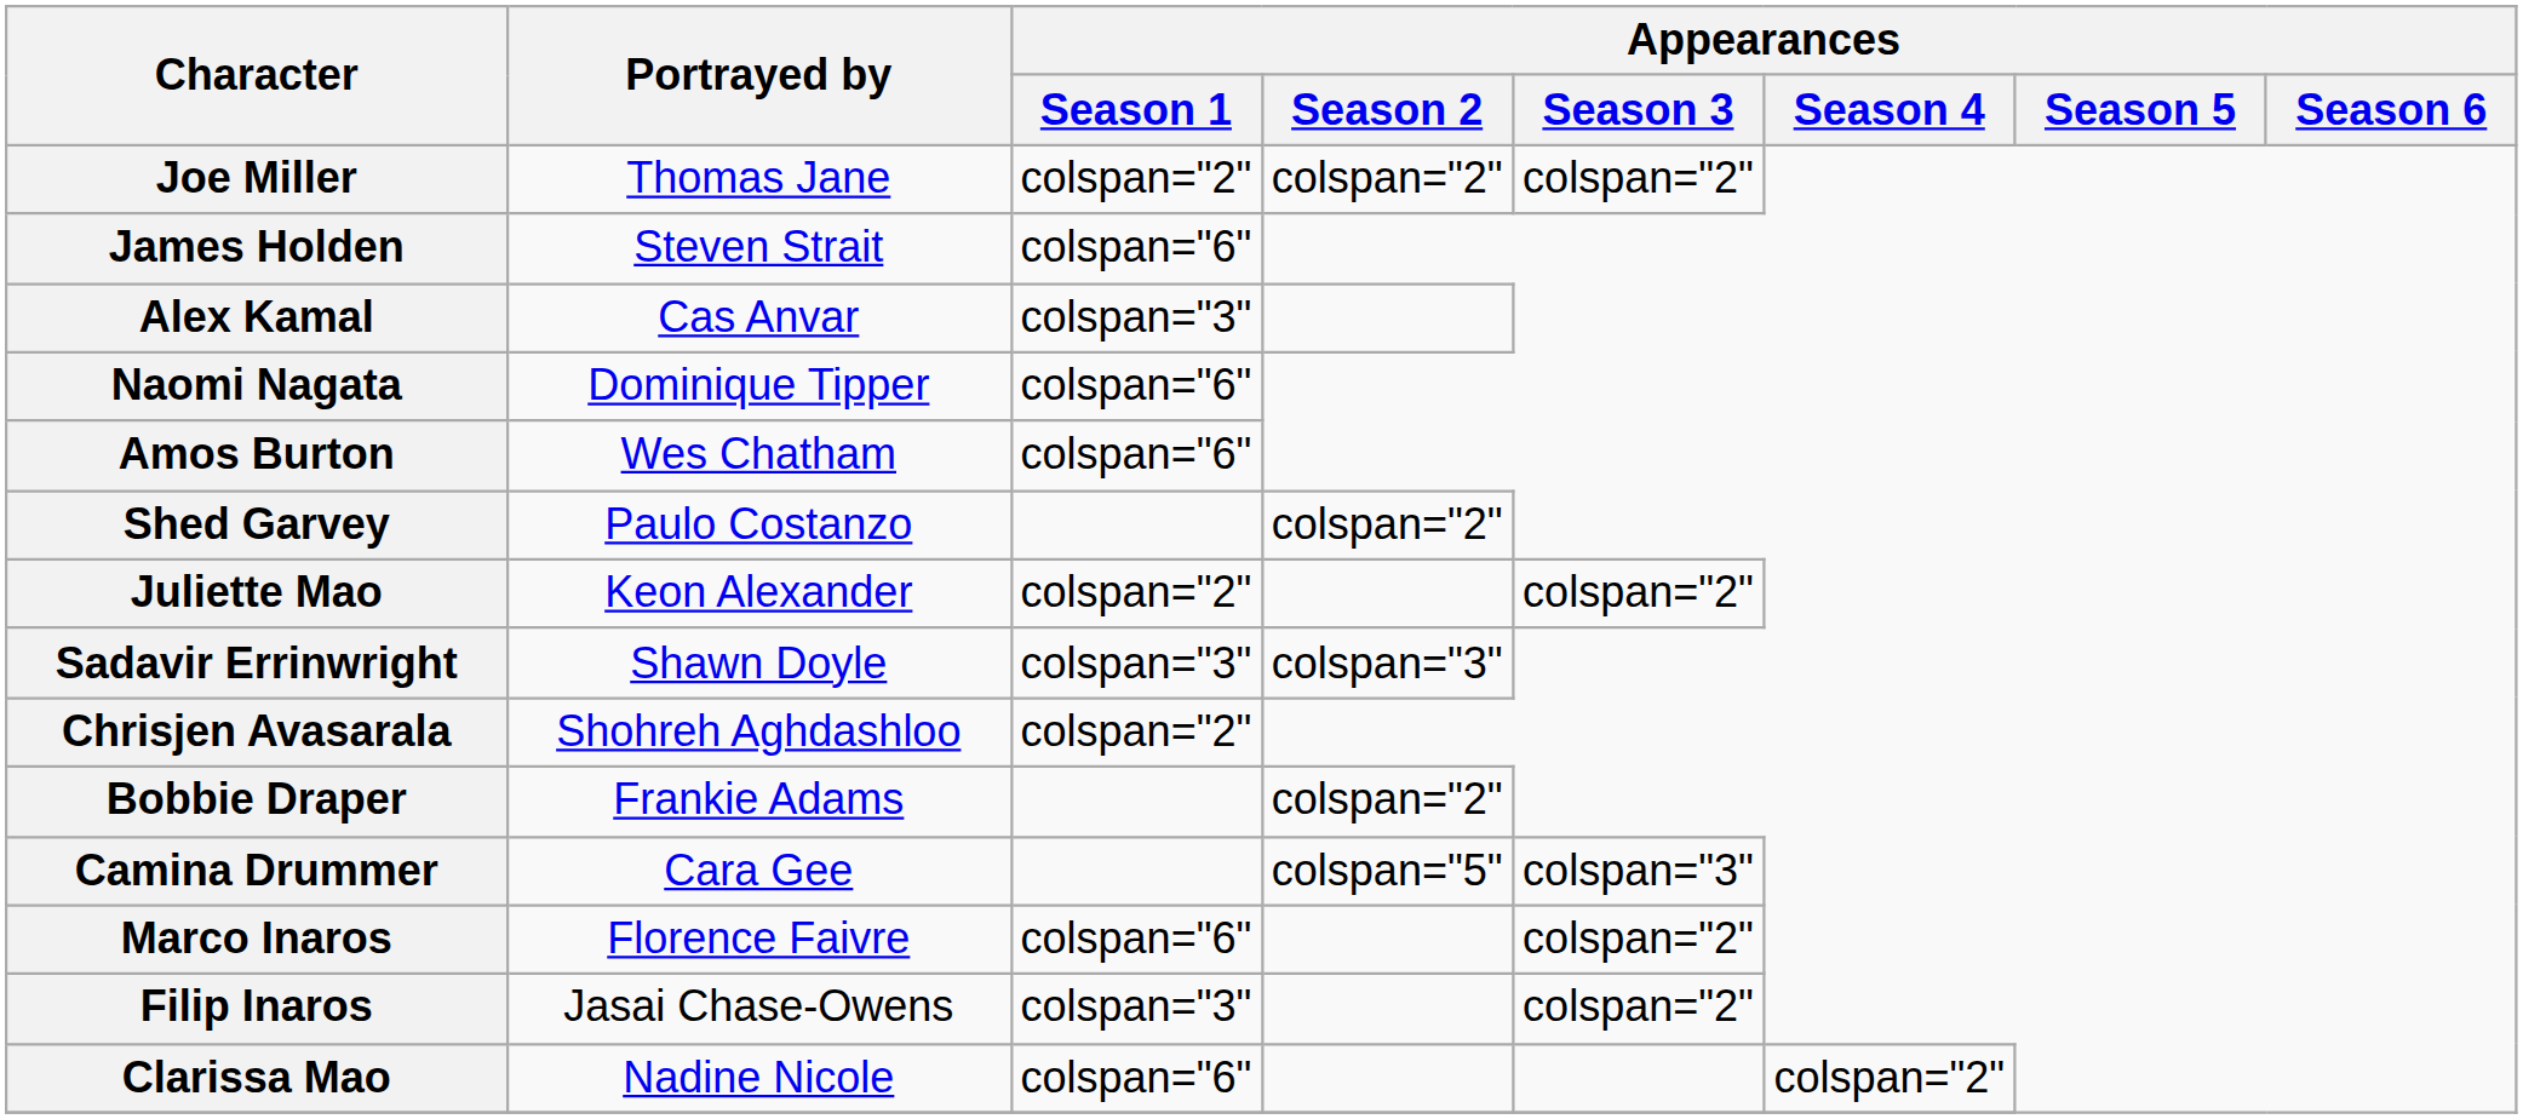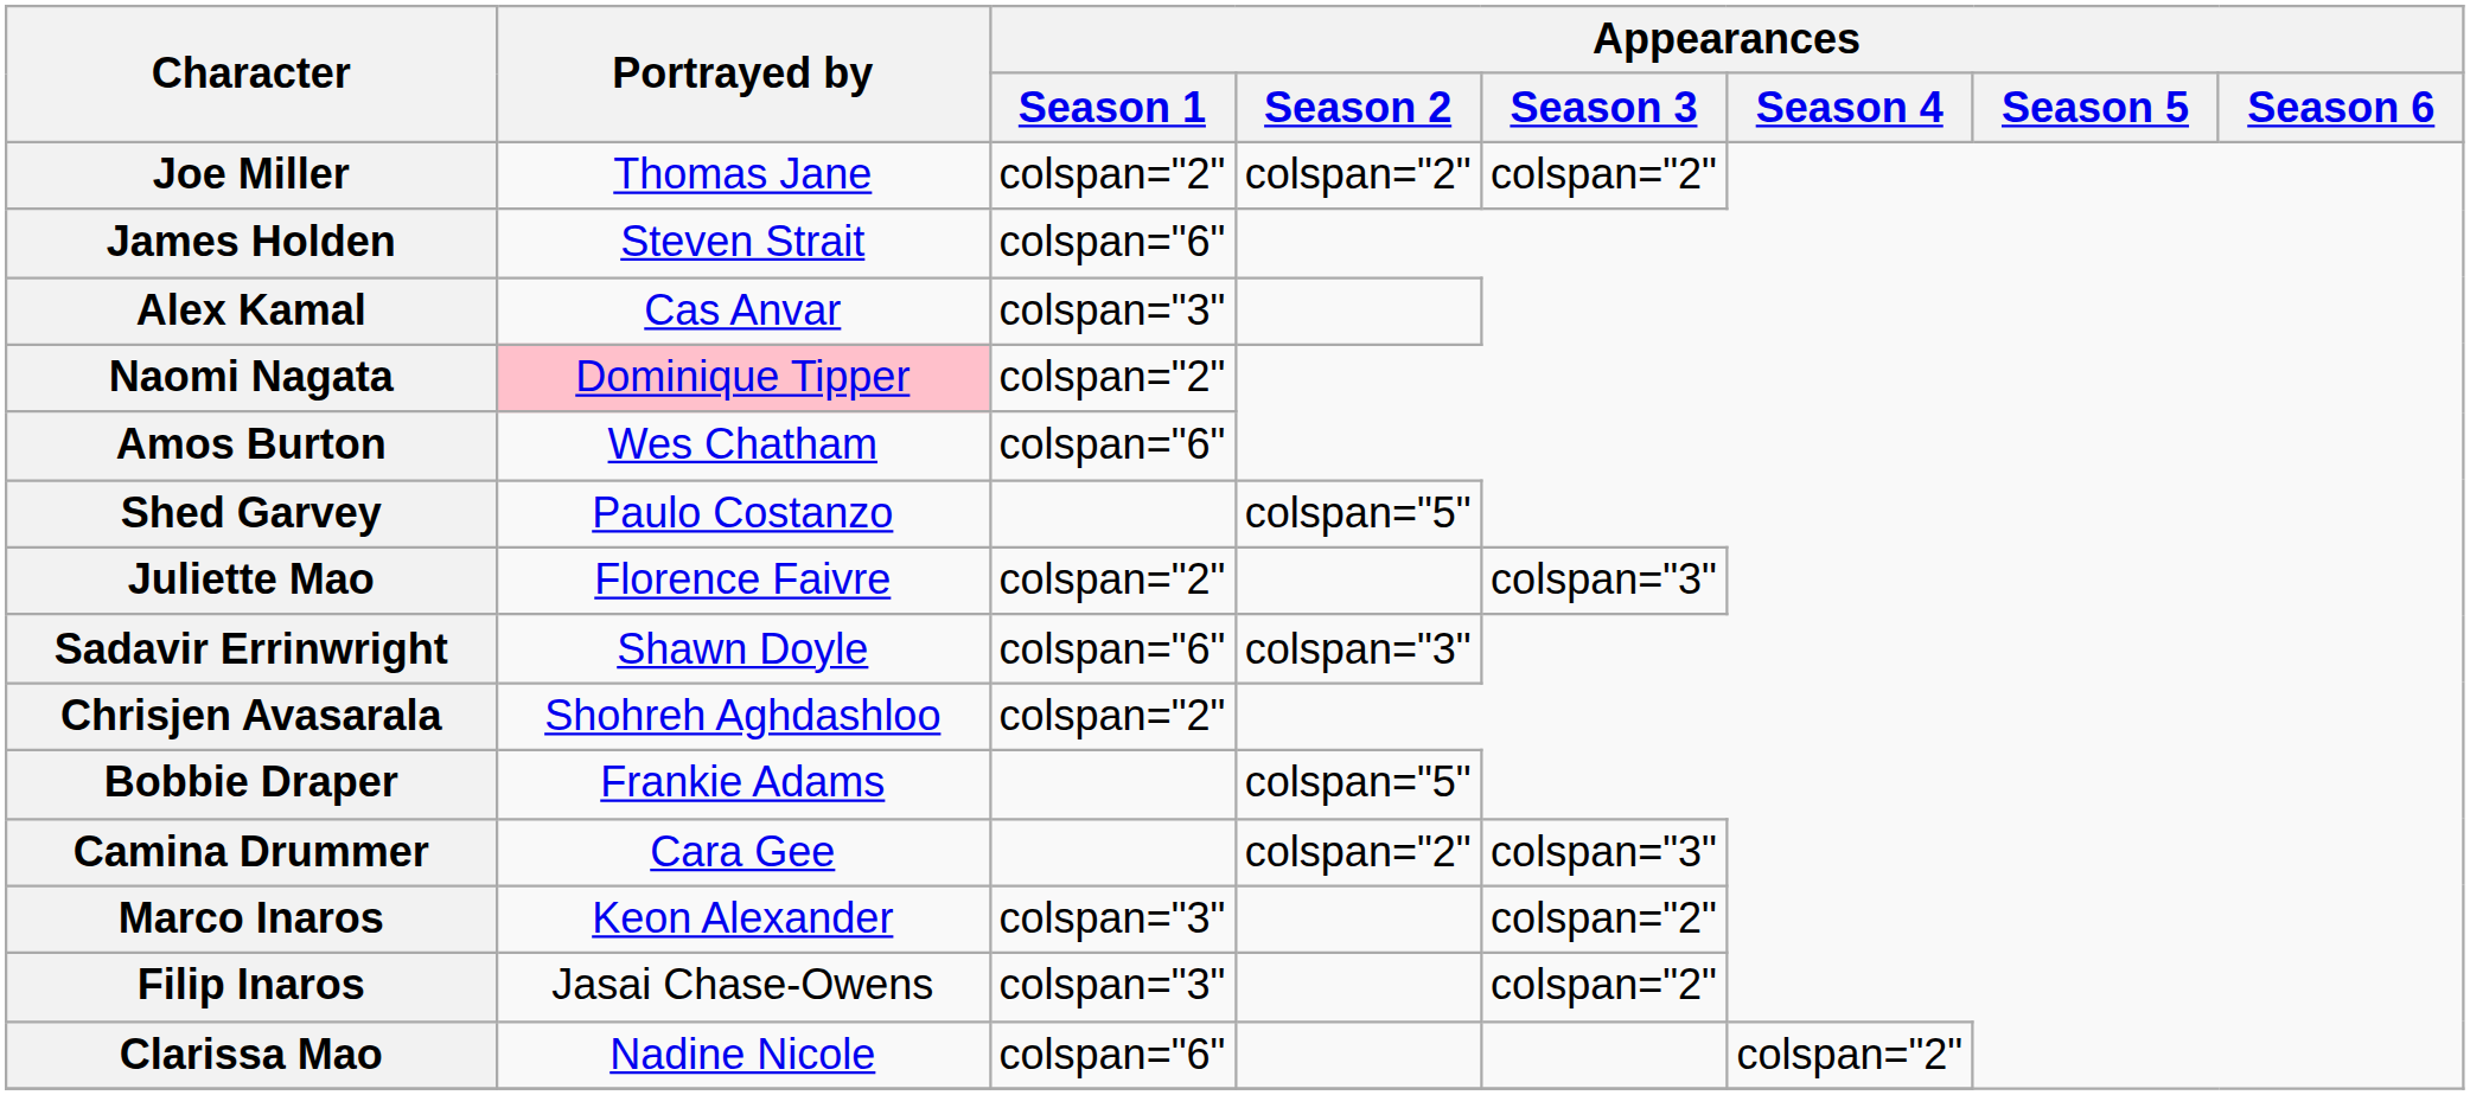 <table class="wikitable plainrowheaders" style="text-align:center; width:auto">
 <tr>
 <th rowspan="2" scope="col">Character</th>
 <th rowspan="2" scope="col">Portrayed by</th>
 <th colspan="6" scope="col">Appearances</th>
 </tr>
 <tr>
 <th scope="col" style="width:10%;"><a href='#'>Season 1</a></th>
 <th scope="col" style="width:10%;"><a href='#'>Season 2</a></th>
 <th scope="col" style="width:10%;"><a href='#'>Season 3</a></th>
 <th scope="col" style="width:10%;"><a href='#'>Season 4</a></th>
 <th scope="col" style="width:10%;"><a href='#'>Season 5</a></th>
 <th scope="col" style="width:10%;"><a href='#'>Season 6</a></th>
 </tr>
 <tr>
 <th scope="row">Joe Miller</th>
 <td><a href='#'>Thomas Jane</a></td>
 <td>colspan="2" </td>
 <td>colspan="2" </td>
 <td>colspan="2" </td>
 </tr>
 <tr>
 <th scope="row">James Holden</th>
 <td><a href='#'>Steven Strait</a></td>
 <td>colspan="6" </td>
 </tr>
 <tr>
 <th scope="row">Alex Kamal</th>
 <td><a href='#'>Cas Anvar</a></td>
 <td>colspan="3" </td>
 <td></td>
 </tr>
 <tr>
 <th scope="row">Naomi Nagata</th>
-<td><a href='#'>Dominique Tipper</a></td>
-<td>colspan="6" </td>
+<td style="background: pink;"><a href='#'>Dominique Tipper</a></td>
+<td>colspan="2" </td>
 </tr>
 <tr>
 <th scope="row">Amos Burton</th>
 <td><a href='#'>Wes Chatham</a></td>
 <td>colspan="6" </td>
 </tr>
 <tr>
 <th scope="row">Shed Garvey</th>
 <td><a href='#'>Paulo Costanzo</a></td>
 <td></td>
-<td>colspan="2" </td>
+<td>colspan="5" </td>
 </tr>
 <tr>
 <th scope="row">Juliette Mao</th>
-<td><a href='#'>Keon Alexander</a></td>
+<td><a href='#'>Florence Faivre</a></td>
 <td>colspan="2" </td>
 <td></td>
-<td>colspan="2" </td>
+<td>colspan="3" </td>
 </tr>
 <tr>
 <th scope="row">Sadavir Errinwright</th>
 <td><a href='#'>Shawn Doyle</a></td>
-<td>colspan="3" </td>
+<td>colspan="6" </td>
 <td>colspan="3" </td>
 </tr>
 <tr>
 <th scope="row">Chrisjen Avasarala</th>
 <td><a href='#'>Shohreh Aghdashloo</a></td>
 <td>colspan="2" </td>
 </tr>
 <tr>
 <th scope="row">Bobbie Draper</th>
 <td><a href='#'>Frankie Adams</a></td>
 <td></td>
-<td>colspan="2" </td>
+<td>colspan="5" </td>
 </tr>
 <tr>
 <th scope="row">Camina Drummer</th>
 <td><a href='#'>Cara Gee</a></td>
 <td></td>
-<td>colspan="5" </td>
+<td>colspan="2" </td>
 <td>colspan="3" </td>
 </tr>
 <tr>
 <th scope="row">Marco Inaros</th>
-<td><a href='#'>Florence Faivre</a></td>
-<td>colspan="6" </td>
+<td><a href='#'>Keon Alexander</a></td>
+<td>colspan="3" </td>
 <td></td>
 <td>colspan="2" </td>
 </tr>
 <tr>
 <th scope="row">Filip Inaros</th>
 <td>Jasai Chase-Owens</td>
 <td>colspan="3" </td>
 <td></td>
 <td>colspan="2" </td>
 </tr>
 <tr>
 <th scope="row">Clarissa Mao</th>
 <td><a href='#'>Nadine Nicole</a></td>
 <td>colspan="6" </td>
 <td></td>
 <td></td>
 <td>colspan="2" </td>
 </tr>
 <tr>
 </tr>
 </table>
